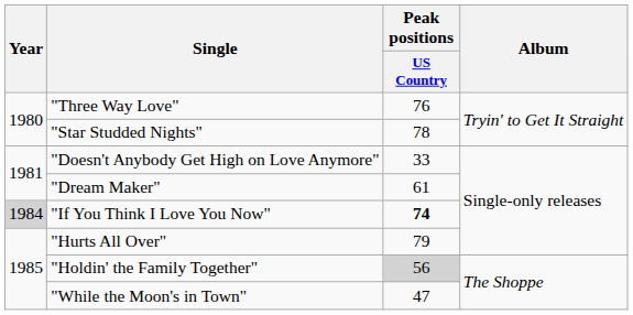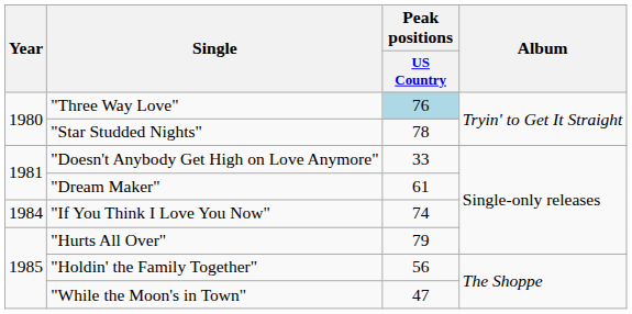 <table class="wikitable">
 <tr>
 <th rowspan="2">Year</th>
 <th rowspan="2">Single</th>
 <th colspan="1">Peak positions</th>
 <th rowspan="2">Album</th>
 </tr>
 <tr style="font-size:smaller;">
 <th width="65"><a href='#'>US Country</a></th>
 </tr>
 <tr>
 <td rowspan="2">1980</td>
 <td>"Three Way Love"</td>
-<td align="center">76</td>
+<td align="center" style="background: lightblue;">76</td>
 <td rowspan="2"><em>Tryin' to Get It Straight</em></td>
 </tr>
 <tr>
 <td>"Star Studded Nights"</td>
 <td align="center">78</td>
 </tr>
 <tr>
 <td rowspan="2">1981</td>
 <td>"Doesn't Anybody Get High on Love Anymore"</td>
 <td align="center">33</td>
 <td rowspan="4">Single-only releases</td>
 </tr>
 <tr>
 <td>"Dream Maker"</td>
 <td align="center">61</td>
 </tr>
 <tr>
-<td style="background: lightgrey;">1984</td>
+<td>1984</td>
 <td>"If You Think I Love You Now"</td>
-<td align="center"><strong>74</strong></td>
+<td align="center">74</td>
 </tr>
 <tr>
 <td rowspan="3">1985</td>
 <td>"Hurts All Over"</td>
 <td align="center">79</td>
 </tr>
 <tr>
 <td>"Holdin' the Family Together"</td>
-<td align="center" style="background: lightgrey;">56</td>
+<td align="center">56</td>
 <td rowspan="2"><em>The Shoppe</em></td>
 </tr>
 <tr>
 <td>"While the Moon's in Town"</td>
 <td align="center">47</td>
 </tr>
 </table>
